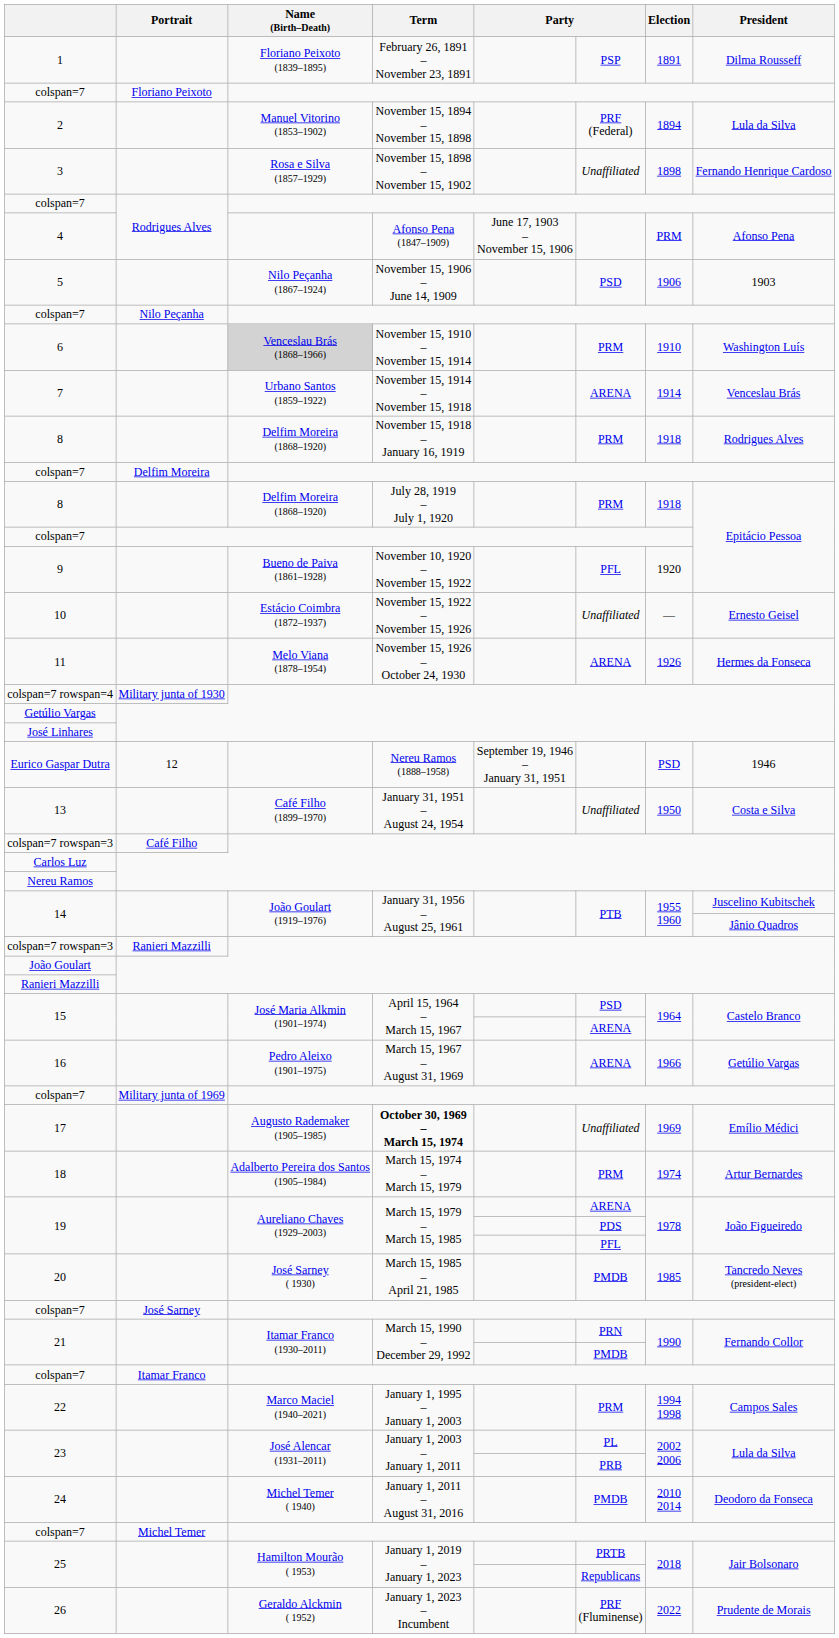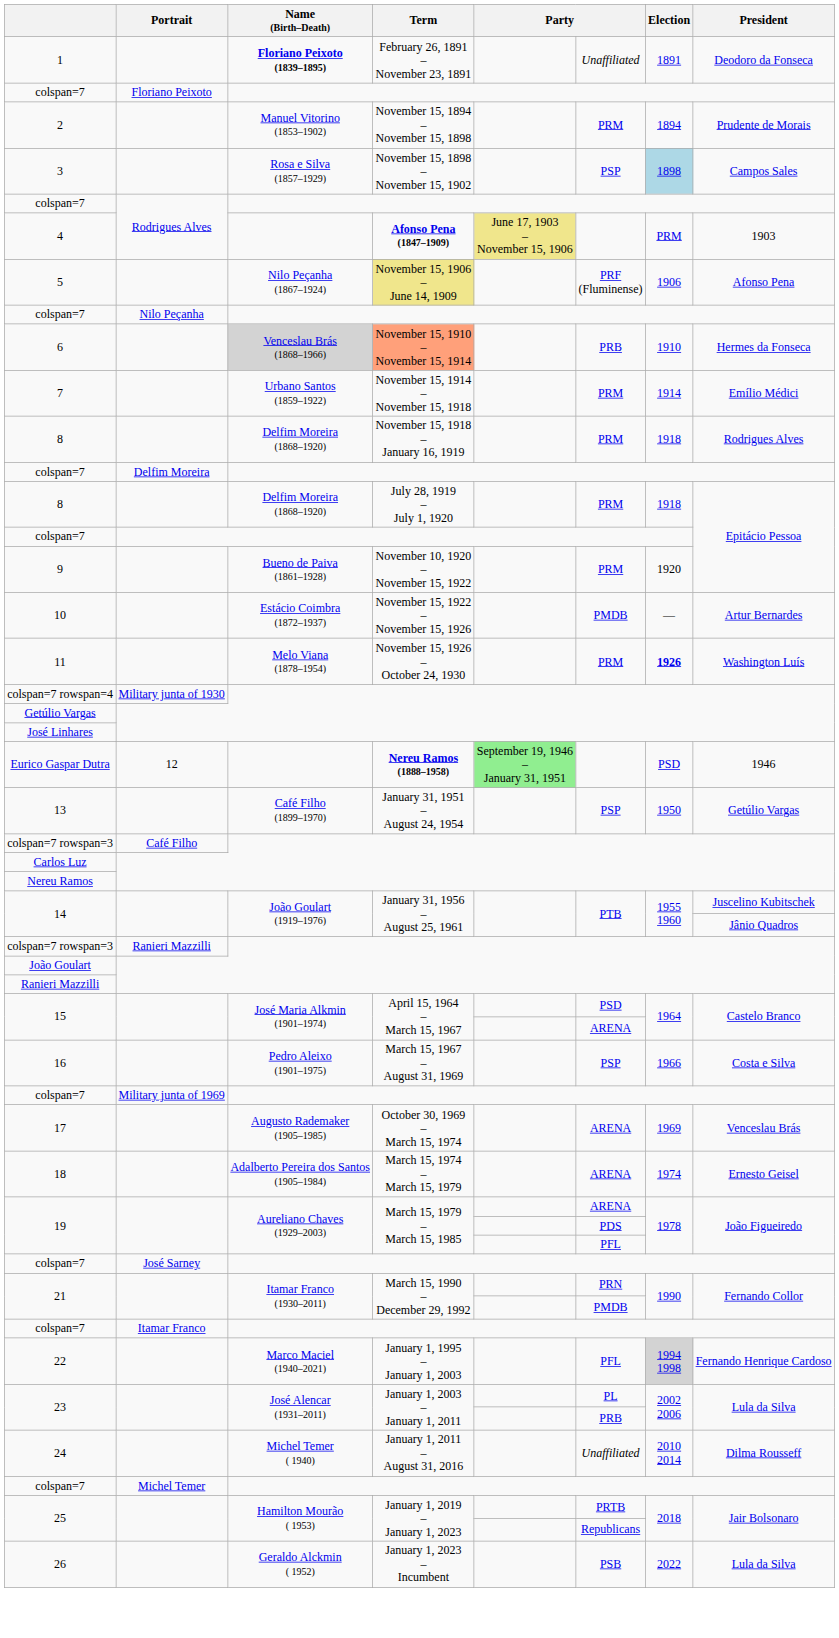 <table class="wikitable" style="text-align:center;">
 <tr>
 <th scope="col"></th>
 <th scope="col">Portrait</th>
 <th scope="col">Name<br><small>(Birth–Death)</small></th>
 <th scope="col">Term</th>
 <th scope="col" colspan=2>Party</th>
 <th scope="col">Election</th>
 <th scope="col">President</th>
 </tr>
 <tr>
 <td>1</td>
 <td></td>
-<td><a href='#'>Floriano Peixoto</a><br><small>(1839–1895)</small></td>
+<td><strong><a href='#'>Floriano Peixoto</a><br><small>(1839–1895)</small></strong></td>
 <td>February 26, 1891<br>–<br>November 23, 1891</td>
 <td style="background-color:"></td>
-<td><a href='#'>PSP</a></td>
+<td><em>Unaffiliated</em></td>
 <td><a href='#'>1891</a></td>
-<td><a href='#'>Dilma Rousseff</a></td>
+<td><a href='#'>Deodoro da Fonseca</a></td>
 </tr>
 <tr>
 <td>colspan=7 </td>
 <td><a href='#'>Floriano Peixoto</a></td>
 </tr>
 <tr>
 <td>2</td>
 <td></td>
 <td><a href='#'>Manuel Vitorino</a><br><small>(1853–1902)</small></td>
 <td>November 15, 1894<br>–<br>November 15, 1898</td>
 <td style="background-color:"></td>
-<td><a href='#'>PRF</a><br>(Federal)</td>
+<td><a href='#'>PRM</a></td>
 <td><a href='#'>1894</a></td>
-<td><a href='#'>Lula da Silva</a></td>
+<td><a href='#'>Prudente de Morais</a></td>
 </tr>
 <tr>
 <td>3</td>
 <td></td>
 <td><a href='#'>Rosa e Silva</a><br><small>(1857–1929)</small></td>
 <td>November 15, 1898<br>–<br>November 15, 1902</td>
 <td style="background-color:"></td>
-<td><em>Unaffiliated</em></td>
-<td><a href='#'>1898</a></td>
-<td><a href='#'>Fernando Henrique Cardoso</a></td>
+<td><a href='#'>PSP</a></td>
+<td style="background: lightblue;"><a href='#'>1898</a></td>
+<td><a href='#'>Campos Sales</a></td>
 </tr>
 <tr>
 <td>colspan=7 </td>
 <td rowspan=2><a href='#'>Rodrigues Alves</a></td>
 </tr>
 <tr>
 <td>4</td>
 <td></td>
-<td><a href='#'>Afonso Pena</a><br><small>(1847–1909)</small></td>
-<td>June 17, 1903<br>–<br>November 15, 1906</td>
+<td><strong><a href='#'>Afonso Pena</a><br><small>(1847–1909)</small></strong></td>
+<td style="background: khaki;">June 17, 1903<br>–<br>November 15, 1906</td>
 <td style="background-color:"></td>
 <td><a href='#'>PRM</a></td>
-<td><a href='#'>Afonso Pena</a></td>
+<td>1903</td>
 </tr>
 <tr>
 <td>5</td>
 <td></td>
 <td><a href='#'>Nilo Peçanha</a><br><small>(1867–1924)</small></td>
-<td>November 15, 1906<br>–<br>June 14, 1909</td>
+<td style="background: khaki;">November 15, 1906<br>–<br>June 14, 1909</td>
 <td style="background-color:"></td>
-<td><a href='#'>PSD</a></td>
+<td><a href='#'>PRF</a><br>(Fluminense)</td>
 <td><a href='#'>1906</a></td>
-<td>1903</td>
+<td><a href='#'>Afonso Pena</a></td>
 </tr>
 <tr>
 <td>colspan=7 </td>
 <td><a href='#'>Nilo Peçanha</a></td>
 </tr>
 <tr>
 <td>6</td>
 <td></td>
 <td style="background: lightgrey;"><a href='#'>Venceslau Brás</a><br><small>(1868–1966)</small></td>
-<td>November 15, 1910<br>–<br>November 15, 1914</td>
+<td style="background: lightsalmon;">November 15, 1910<br>–<br>November 15, 1914</td>
 <td style="background-color:"></td>
-<td><a href='#'>PRM</a></td>
+<td><a href='#'>PRB</a></td>
 <td><a href='#'>1910</a></td>
-<td><a href='#'>Washington Luís</a></td>
+<td><a href='#'>Hermes da Fonseca</a></td>
 </tr>
 <tr>
 <td>7</td>
 <td></td>
 <td><a href='#'>Urbano Santos</a><br><small>(1859–1922)</small></td>
 <td>November 15, 1914<br>–<br>November 15, 1918</td>
 <td style="background-color:"></td>
-<td><a href='#'>ARENA</a></td>
+<td><a href='#'>PRM</a></td>
 <td><a href='#'>1914</a></td>
-<td><a href='#'>Venceslau Brás</a></td>
+<td><a href='#'>Emílio Médici</a></td>
 </tr>
 <tr>
 <td>8</td>
 <td></td>
 <td><a href='#'>Delfim Moreira</a><br><small>(1868–1920)</small></td>
 <td>November 15, 1918<br>–<br>January 16, 1919</td>
 <td style="background-color:"></td>
 <td><a href='#'>PRM</a></td>
 <td><a href='#'>1918</a></td>
 <td><a href='#'>Rodrigues Alves</a></td>
 </tr>
 <tr>
 <td>colspan=7 </td>
 <td><a href='#'>Delfim Moreira</a></td>
 </tr>
 <tr>
 <td>8</td>
 <td></td>
 <td><a href='#'>Delfim Moreira</a><br><small>(1868–1920)</small></td>
 <td>July 28, 1919<br>–<br>July 1, 1920</td>
 <td style="background-color:"></td>
 <td><a href='#'>PRM</a></td>
 <td><a href='#'>1918</a></td>
 <td rowspan=3><a href='#'>Epitácio Pessoa</a></td>
 </tr>
 <tr>
 <td>colspan=7 </td>
 </tr>
 <tr>
 <td>9</td>
 <td></td>
 <td><a href='#'>Bueno de Paiva</a><br><small>(1861–1928)</small></td>
 <td>November 10, 1920<br>–<br>November 15, 1922</td>
 <td style="background-color:"></td>
-<td><a href='#'>PFL</a></td>
+<td><a href='#'>PRM</a></td>
 <td>1920</td>
 </tr>
 <tr>
 <td>10</td>
 <td></td>
 <td><a href='#'>Estácio Coimbra</a><br><small>(1872–1937)</small></td>
 <td>November 15, 1922<br>–<br>November 15, 1926</td>
 <td style="background-color:"></td>
-<td><em>Unaffiliated</em></td>
+<td><a href='#'>PMDB</a></td>
 <td>—</td>
-<td><a href='#'>Ernesto Geisel</a></td>
+<td><a href='#'>Artur Bernardes</a></td>
 </tr>
 <tr>
 <td>11</td>
 <td></td>
 <td><a href='#'>Melo Viana</a><br><small>(1878–1954)</small></td>
 <td>November 15, 1926<br>–<br>October 24, 1930</td>
 <td style="background-color:"></td>
-<td><a href='#'>ARENA</a></td>
-<td><a href='#'>1926</a></td>
-<td><a href='#'>Hermes da Fonseca</a></td>
+<td><a href='#'>PRM</a></td>
+<td><strong><a href='#'>1926</a></strong></td>
+<td><a href='#'>Washington Luís</a></td>
 </tr>
 <tr>
 <td>colspan=7 rowspan=4 </td>
 <td><a href='#'>Military junta of 1930</a></td>
 </tr>
 <tr>
 <td><a href='#'>Getúlio Vargas</a></td>
 </tr>
 <tr>
 <td><a href='#'>José Linhares</a></td>
 </tr>
 <tr>
 <td rowspan="2"><a href='#'>Eurico Gaspar Dutra</a></td>
 </tr>
 <tr>
 <td>12</td>
 <td></td>
-<td><a href='#'>Nereu Ramos</a><br><small>(1888–1958)</small></td>
-<td>September 19, 1946<br>–<br>January 31, 1951</td>
+<td><strong><a href='#'>Nereu Ramos</a><br><small>(1888–1958)</small></strong></td>
+<td style="background: lightgreen;">September 19, 1946<br>–<br>January 31, 1951</td>
 <td style="background-color:"></td>
 <td><a href='#'>PSD</a></td>
 <td>1946</td>
 </tr>
 <tr>
 <td>13</td>
 <td></td>
 <td><a href='#'>Café Filho</a><br><small>(1899–1970)</small></td>
 <td>January 31, 1951<br>–<br>August 24, 1954</td>
 <td style="background-color:"></td>
-<td><em>Unaffiliated</em></td>
+<td><a href='#'>PSP</a></td>
 <td><a href='#'>1950</a></td>
-<td><a href='#'>Costa e Silva</a></td>
+<td><a href='#'>Getúlio Vargas</a></td>
 </tr>
 <tr>
 <td>colspan=7 rowspan=3 </td>
 <td><a href='#'>Café Filho</a></td>
 </tr>
 <tr>
 <td><a href='#'>Carlos Luz</a></td>
 </tr>
 <tr>
 <td><a href='#'>Nereu Ramos</a></td>
 </tr>
 <tr>
 <td rowspan=2>14</td>
 <td rowspan=2></td>
 <td rowspan=2><a href='#'>João Goulart</a><br><small>(1919–1976)</small></td>
 <td rowspan=2>January 31, 1956<br>–<br>August 25, 1961</td>
 <td rowspan=2 style="background-color:"></td>
 <td rowspan=2><a href='#'>PTB</a></td>
 <td rowspan=2><a href='#'>1955</a><br><a href='#'>1960</a></td>
 <td><a href='#'>Juscelino Kubitschek</a></td>
 </tr>
 <tr>
 <td><a href='#'>Jânio Quadros</a></td>
 </tr>
 <tr>
 <td>colspan=7 rowspan=3 </td>
 <td><a href='#'>Ranieri Mazzilli</a></td>
 </tr>
 <tr>
 <td><a href='#'>João Goulart</a></td>
 </tr>
 <tr>
 <td><a href='#'>Ranieri Mazzilli</a></td>
 </tr>
 <tr>
 <td rowspan=2>15</td>
 <td rowspan=2></td>
 <td rowspan=2><a href='#'>José Maria Alkmin</a><br><small>(1901–1974)</small></td>
 <td rowspan=2>April 15, 1964<br>–<br>March 15, 1967</td>
 <td style="background-color:"></td>
 <td><a href='#'>PSD</a></td>
 <td rowspan=2><a href='#'>1964</a></td>
 <td rowspan=2><a href='#'>Castelo Branco</a></td>
 </tr>
 <tr>
 <td style="background-color:"></td>
 <td><a href='#'>ARENA</a></td>
 </tr>
 <tr>
 <td>16</td>
 <td></td>
 <td><a href='#'>Pedro Aleixo</a><br><small>(1901–1975)</small></td>
 <td>March 15, 1967<br>–<br>August 31, 1969</td>
 <td style="background-color:"></td>
-<td><a href='#'>ARENA</a></td>
+<td><a href='#'>PSP</a></td>
 <td><a href='#'>1966</a></td>
-<td><a href='#'>Getúlio Vargas</a></td>
+<td><a href='#'>Costa e Silva</a></td>
 </tr>
 <tr>
 <td>colspan=7 </td>
 <td><a href='#'>Military junta of 1969</a></td>
 </tr>
 <tr>
 <td>17</td>
 <td></td>
 <td><a href='#'>Augusto Rademaker</a><br><small>(1905–1985)</small></td>
-<td><strong>October 30, 1969<br>–<br>March 15, 1974</strong></td>
+<td>October 30, 1969<br>–<br>March 15, 1974</td>
 <td style="background-color:"></td>
-<td><em>Unaffiliated</em></td>
+<td><a href='#'>ARENA</a></td>
 <td><a href='#'>1969</a></td>
-<td><a href='#'>Emílio Médici</a></td>
+<td><a href='#'>Venceslau Brás</a></td>
 </tr>
 <tr>
 <td>18</td>
 <td></td>
 <td><a href='#'>Adalberto Pereira dos Santos</a><br><small>(1905–1984)</small></td>
 <td>March 15, 1974<br>–<br>March 15, 1979</td>
 <td style="background-color:"></td>
-<td><a href='#'>PRM</a></td>
+<td><a href='#'>ARENA</a></td>
 <td><a href='#'>1974</a></td>
-<td><a href='#'>Artur Bernardes</a></td>
+<td><a href='#'>Ernesto Geisel</a></td>
 </tr>
 <tr>
 <td rowspan=3>19</td>
 <td rowspan=3></td>
 <td rowspan=3><a href='#'>Aureliano Chaves</a><br><small>(1929–2003)</small></td>
 <td rowspan=3>March 15, 1979<br>–<br>March 15, 1985</td>
 <td style="background-color:"></td>
 <td><a href='#'>ARENA</a></td>
 <td rowspan=3><a href='#'>1978</a></td>
 <td rowspan=3><a href='#'>João Figueiredo</a></td>
 </tr>
 <tr>
 <td style="background-color:"></td>
 <td><a href='#'>PDS</a></td>
 </tr>
 <tr>
 <td style="background-color:"></td>
 <td><a href='#'>PFL</a></td>
-</tr>
-<tr>
-<td>20</td>
-<td></td>
-<td><a href='#'>José Sarney</a><br><small>( 1930)</small></td>
-<td>March 15, 1985<br>–<br>April 21, 1985</td>
-<td style="background-color:"></td>
-<td><a href='#'>PMDB</a></td>
-<td><a href='#'>1985</a></td>
-<td><a href='#'>Tancredo Neves</a><br><small>(president-elect)</small></td>
 </tr>
 <tr>
 <td>colspan=7 </td>
 <td><a href='#'>José Sarney</a></td>
 </tr>
 <tr>
 <td rowspan=2>21</td>
 <td rowspan=2></td>
 <td rowspan=2><a href='#'>Itamar Franco</a><br><small>(1930–2011)</small></td>
 <td rowspan=2>March 15, 1990<br>–<br>December 29, 1992</td>
 <td style="background-color:"></td>
 <td><a href='#'>PRN</a></td>
 <td rowspan=2><a href='#'>1990</a></td>
 <td rowspan=2><a href='#'>Fernando Collor</a></td>
 </tr>
 <tr>
 <td style="background-color:"></td>
 <td><a href='#'>PMDB</a></td>
 </tr>
 <tr>
 <td>colspan=7 </td>
 <td><a href='#'>Itamar Franco</a></td>
 </tr>
 <tr>
 <td>22</td>
 <td></td>
 <td><a href='#'>Marco Maciel</a><br><small>(1940–2021)</small></td>
 <td>January 1, 1995<br>–<br>January 1, 2003</td>
 <td style="background-color:"></td>
-<td><a href='#'>PRM</a></td>
-<td><a href='#'>1994</a><br><a href='#'>1998</a></td>
-<td><a href='#'>Campos Sales</a></td>
+<td><a href='#'>PFL</a></td>
+<td style="background: lightgrey;"><a href='#'>1994</a><br><a href='#'>1998</a></td>
+<td><a href='#'>Fernando Henrique Cardoso</a></td>
 </tr>
 <tr>
 <td rowspan=2>23</td>
 <td rowspan=2></td>
 <td rowspan=2><a href='#'>José Alencar</a><br><small>(1931–2011)</small></td>
 <td rowspan=2>January 1, 2003<br>–<br>January 1, 2011</td>
 <td style="background-color:"></td>
 <td><a href='#'>PL</a></td>
 <td rowspan=2><a href='#'>2002</a><br><a href='#'>2006</a></td>
 <td rowspan=2><a href='#'>Lula da Silva</a></td>
 </tr>
 <tr>
 <td style="background-color:"></td>
 <td><a href='#'>PRB</a></td>
 </tr>
 <tr>
 <td>24</td>
 <td></td>
 <td><a href='#'>Michel Temer</a><br><small>( 1940)</small></td>
 <td>January 1, 2011<br>–<br>August 31, 2016</td>
 <td style="background-color:"></td>
-<td><a href='#'>PMDB</a></td>
+<td><em>Unaffiliated</em></td>
 <td><a href='#'>2010</a><br><a href='#'>2014</a></td>
-<td><a href='#'>Deodoro da Fonseca</a></td>
+<td><a href='#'>Dilma Rousseff</a></td>
 </tr>
 <tr>
 <td>colspan=7 </td>
 <td><a href='#'>Michel Temer</a></td>
 </tr>
 <tr>
 <td rowspan=2>25</td>
 <td rowspan=2></td>
 <td rowspan=2><a href='#'>Hamilton Mourão</a><br><small>( 1953)</small></td>
 <td rowspan=2>January 1, 2019<br>–<br>January 1, 2023</td>
 <td style="background-color:"></td>
 <td><a href='#'>PRTB</a></td>
 <td rowspan=2><a href='#'>2018</a></td>
 <td rowspan=2><a href='#'>Jair Bolsonaro</a></td>
 </tr>
 <tr>
 <td style="background-color:"></td>
 <td><a href='#'>Republicans</a></td>
 </tr>
 <tr>
 <td>26</td>
 <td></td>
 <td><a href='#'>Geraldo Alckmin</a><br><small>( 1952)</small></td>
 <td>January 1, 2023<br>–<br> Incumbent</td>
 <td style="background-color:"></td>
-<td><a href='#'>PRF</a><br>(Fluminense)</td>
+<td><a href='#'>PSB</a></td>
 <td><a href='#'>2022</a></td>
-<td><a href='#'>Prudente de Morais</a></td>
+<td><a href='#'>Lula da Silva</a></td>
 </tr>
 </table>
